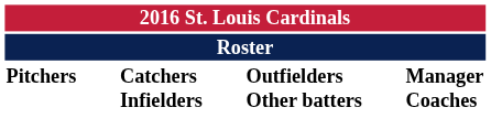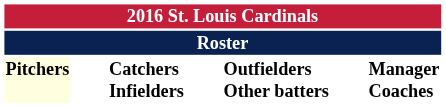 <table class="toccolours" style="font-size: 95%;">
 <tr>
 <th colspan="10" style="background:#c41e3a; color:#fff; text-align:center;">2016 St. Louis Cardinals</th>
 </tr>
 <tr>
 <td colspan="10" style="background:#0a2252; color:#fff; text-align:center;"><strong>Roster</strong></td>
 </tr>
 <tr>
-<td valign="top"><strong>Pitchers</strong><br>                   </td>
+<td valign="top" style="background: lightyellow;"><strong>Pitchers</strong><br>                   </td>
 <td style="width:25px;"></td>
 <td valign="top"><strong>Catchers</strong><br>     <strong>Infielders</strong>        </td>
 <td style="width:25px;"></td>
 <td valign="top"><strong>Outfielders</strong><br>       <strong>Other batters</strong> </td>
 <td style="width:25px;"></td>
 <td valign="top"><strong>Manager</strong><br> <strong>Coaches</strong>                  </td>
 </tr>
 </table>
